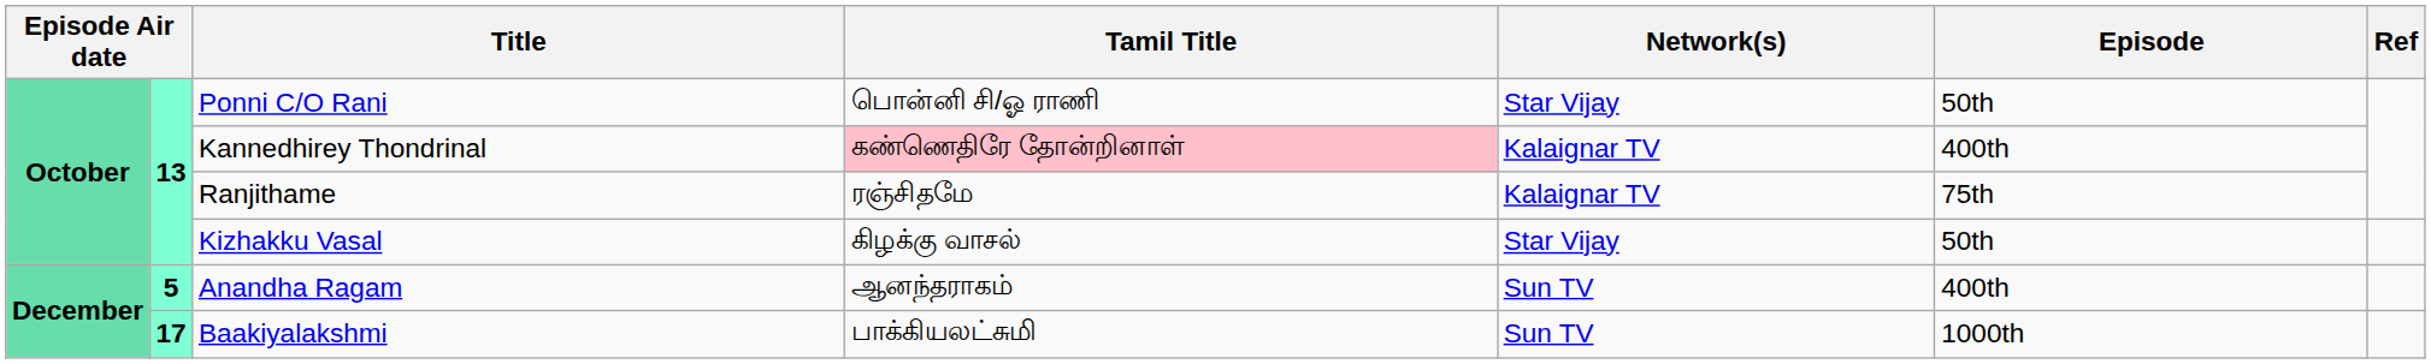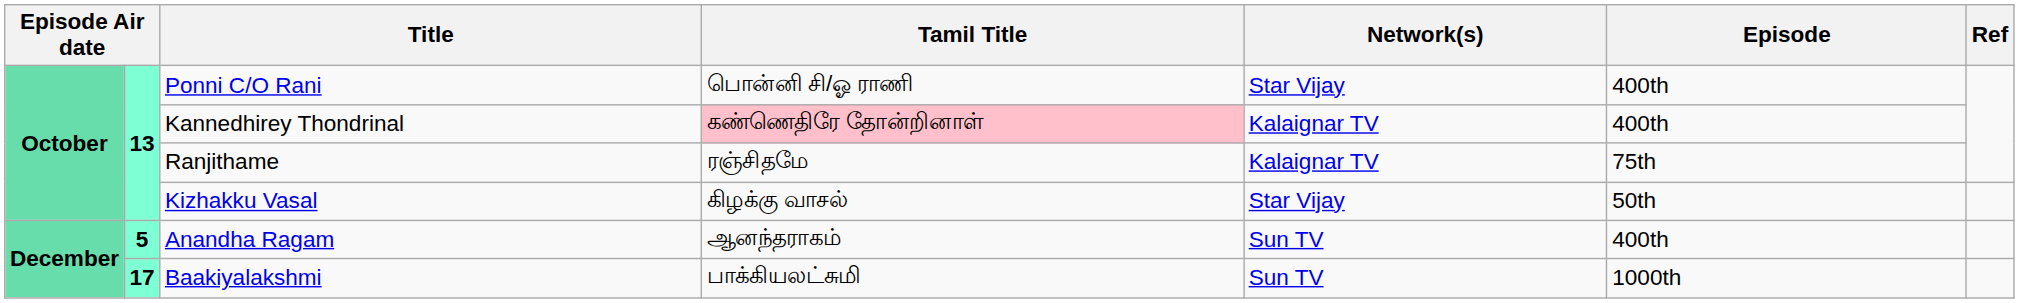 <table class="wikitable" width="90%">
 <tr>
 <th colspan="2">Episode Air date</th>
 <th style="width:30%;">Title</th>
 <th style="width:30%;">Tamil Title</th>
 <th style="width:20%;">Network(s)</th>
 <th style="width:20%;">Episode</th>
 <th>Ref</th>
 </tr>
 <tr>
 <td rowspan="4" style="text-align:center; background:#6da; textcolor:#000;"><strong>October</strong></td>
 <td rowspan="4" style="text-align:center; background:#7FFFD4;"><strong>13</strong></td>
 <td><a href='#'>Ponni C/O Rani</a></td>
 <td>பொன்னி சி/ஓ ராணி</td>
 <td><a href='#'>Star Vijay</a></td>
-<td>50th</td>
+<td>400th</td>
 </tr>
 <tr>
 <td>Kannedhirey Thondrinal</td>
 <td style="background: pink;">கண்ணெதிரே தோன்றினாள்</td>
 <td><a href='#'>Kalaignar TV</a></td>
 <td>400th</td>
 </tr>
 <tr>
 <td>Ranjithame</td>
 <td>ரஞ்சிதமே</td>
 <td><a href='#'>Kalaignar TV</a></td>
 <td>75th</td>
 </tr>
 <tr>
 <td><a href='#'>Kizhakku Vasal</a></td>
 <td>கிழக்கு வாசல்</td>
 <td><a href='#'>Star Vijay</a></td>
 <td>50th</td>
 <td></td>
 </tr>
 <tr>
 <td rowspan="2" style="text-align:center; background:#6da; textcolor:#000;"><strong>December</strong></td>
 <td rowspan="1" style="text-align:center; background:#7FFFD4;"><strong>5</strong></td>
 <td><a href='#'>Anandha Ragam</a></td>
 <td>ஆனந்தராகம்</td>
 <td><a href='#'>Sun TV</a></td>
 <td>400th</td>
 <td></td>
 </tr>
 <tr>
 <td rowspan="1" style="text-align:center; background:#7FFFD4;"><strong>17</strong></td>
 <td><a href='#'>Baakiyalakshmi</a></td>
 <td>பாக்கியலட்சுமி</td>
 <td><a href='#'>Sun TV</a></td>
 <td>1000th</td>
 <td></td>
 </tr>
 </table>
